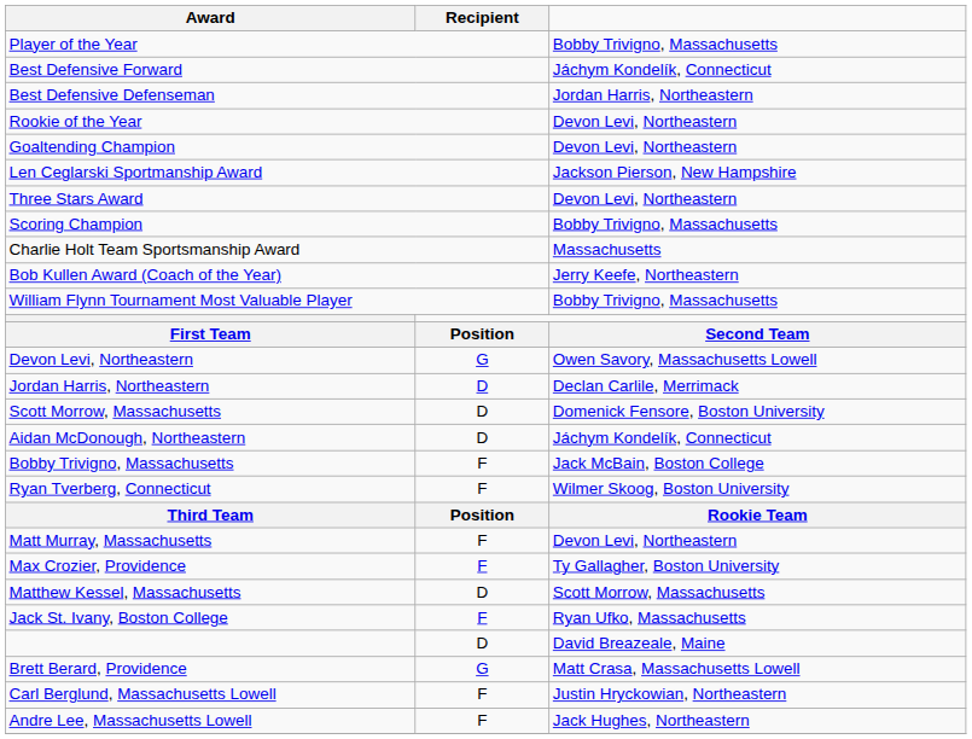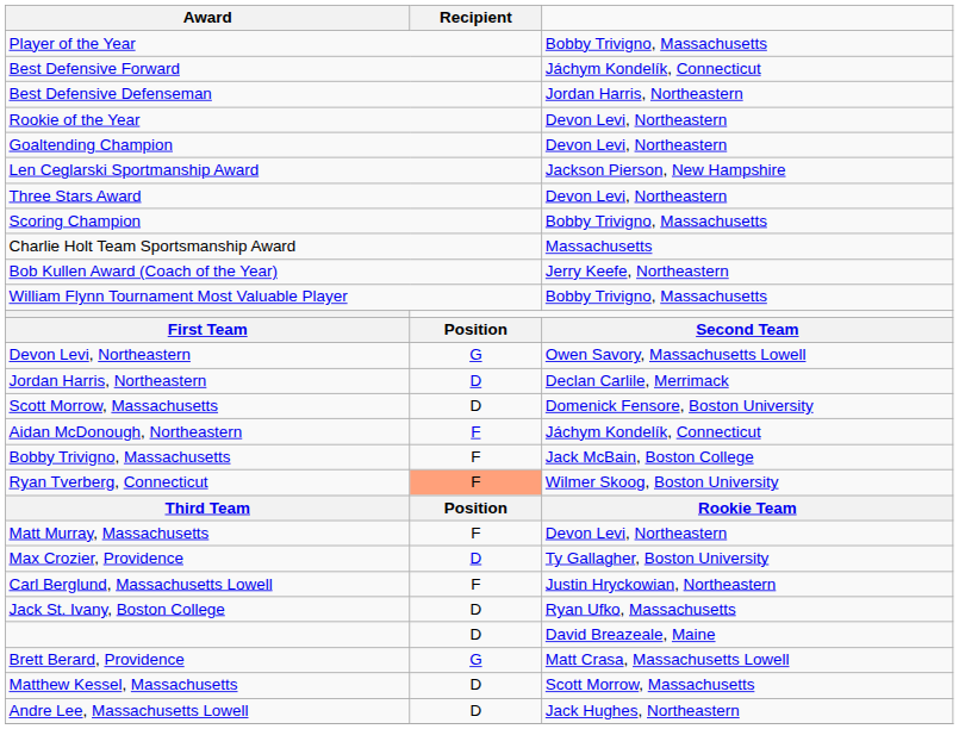 <table class="wikitable" width=75%>
 <tr>
 <th>Award</th>
 <th>Recipient</th>
 </tr>
 <tr>
 <td colspan=2><a href='#'>Player of the Year</a></td>
 <td><a href='#'>Bobby Trivigno</a>, <a href='#'>Massachusetts</a></td>
 </tr>
 <tr>
 <td colspan=2><a href='#'>Best Defensive Forward</a></td>
 <td><a href='#'>Jáchym Kondelík</a>, <a href='#'>Connecticut</a></td>
 </tr>
 <tr>
 <td colspan=2><a href='#'>Best Defensive Defenseman</a></td>
 <td><a href='#'>Jordan Harris</a>, <a href='#'>Northeastern</a></td>
 </tr>
 <tr>
 <td colspan=2><a href='#'>Rookie of the Year</a></td>
 <td><a href='#'>Devon Levi</a>, <a href='#'>Northeastern</a></td>
 </tr>
 <tr>
 <td colspan=2><a href='#'>Goaltending Champion</a></td>
 <td><a href='#'>Devon Levi</a>, <a href='#'>Northeastern</a></td>
 </tr>
 <tr>
 <td colspan=2><a href='#'>Len Ceglarski Sportmanship Award</a></td>
 <td><a href='#'>Jackson Pierson</a>, <a href='#'>New Hampshire</a></td>
 </tr>
 <tr>
 <td colspan=2><a href='#'>Three Stars Award</a></td>
 <td><a href='#'>Devon Levi</a>, <a href='#'>Northeastern</a></td>
 </tr>
 <tr>
 <td colspan=2><a href='#'>Scoring Champion</a></td>
 <td><a href='#'>Bobby Trivigno</a>, <a href='#'>Massachusetts</a></td>
 </tr>
 <tr>
 <td colspan=2>Charlie Holt Team Sportsmanship Award</td>
 <td><a href='#'>Massachusetts</a></td>
 </tr>
 <tr>
 <td colspan=2><a href='#'>Bob Kullen Award (Coach of the Year)</a></td>
 <td><a href='#'>Jerry Keefe</a>, <a href='#'>Northeastern</a></td>
 </tr>
 <tr>
 <td colspan=2><a href='#'>William Flynn Tournament Most Valuable Player</a></td>
 <td><a href='#'>Bobby Trivigno</a>, <a href='#'>Massachusetts</a></td>
 </tr>
 <tr>
 <th><a href='#'></a></th>
 </tr>
 <tr>
 <th><a href='#'>First Team</a></th>
 <th>  Position  </th>
 <th><a href='#'>Second Team</a></th>
 </tr>
 <tr>
 <td><a href='#'>Devon Levi</a>, <a href='#'>Northeastern</a></td>
 <td align=center><a href='#'>G</a></td>
 <td><a href='#'>Owen Savory</a>, <a href='#'>Massachusetts Lowell</a></td>
 </tr>
 <tr>
 <td><a href='#'>Jordan Harris</a>, <a href='#'>Northeastern</a></td>
 <td align=center><a href='#'>D</a></td>
 <td><a href='#'>Declan Carlile</a>, <a href='#'>Merrimack</a></td>
 </tr>
 <tr>
 <td><a href='#'>Scott Morrow</a>, <a href='#'>Massachusetts</a></td>
 <td align=center>D</td>
 <td><a href='#'>Domenick Fensore</a>, <a href='#'>Boston University</a></td>
 </tr>
 <tr>
 <td><a href='#'>Aidan McDonough</a>, <a href='#'>Northeastern</a></td>
-<td align=center>D</td>
+<td align=center><a href='#'>F</a></td>
 <td><a href='#'>Jáchym Kondelík</a>, <a href='#'>Connecticut</a></td>
 </tr>
 <tr>
 <td><a href='#'>Bobby Trivigno</a>, <a href='#'>Massachusetts</a></td>
 <td align=center>F</td>
 <td><a href='#'>Jack McBain</a>, <a href='#'>Boston College</a></td>
 </tr>
 <tr>
 <td><a href='#'>Ryan Tverberg</a>, <a href='#'>Connecticut</a></td>
-<td align=center>F</td>
+<td align=center style="background: lightsalmon;">F</td>
 <td><a href='#'>Wilmer Skoog</a>, <a href='#'>Boston University</a></td>
 </tr>
 <tr>
 <th><a href='#'>Third Team</a></th>
 <th>  Position  </th>
 <th><a href='#'>Rookie Team</a></th>
 </tr>
 <tr>
 <td><a href='#'>Matt Murray</a>, <a href='#'>Massachusetts</a></td>
 <td align=center>F</td>
 <td><a href='#'>Devon Levi</a>, <a href='#'>Northeastern</a></td>
 </tr>
 <tr>
 <td><a href='#'>Max Crozier</a>, <a href='#'>Providence</a></td>
-<td align=center><a href='#'>F</a></td>
+<td align=center><a href='#'>D</a></td>
 <td><a href='#'>Ty Gallagher</a>, <a href='#'>Boston University</a></td>
 </tr>
 <tr>
-<td><a href='#'>Matthew Kessel</a>, <a href='#'>Massachusetts</a></td>
-<td align=center>D</td>
-<td><a href='#'>Scott Morrow</a>, <a href='#'>Massachusetts</a></td>
+<td><a href='#'>Carl Berglund</a>, <a href='#'>Massachusetts Lowell</a></td>
+<td align=center>F</td>
+<td><a href='#'>Justin Hryckowian</a>, <a href='#'>Northeastern</a></td>
 </tr>
 <tr>
 <td><a href='#'>Jack St. Ivany</a>, <a href='#'>Boston College</a></td>
-<td align=center><a href='#'>F</a></td>
+<td align=center>D</td>
 <td><a href='#'>Ryan Ufko</a>, <a href='#'>Massachusetts</a></td>
 </tr>
 <tr>
 <td></td>
 <td align=center>D</td>
 <td><a href='#'>David Breazeale</a>, <a href='#'>Maine</a></td>
 </tr>
 <tr>
 <td><a href='#'>Brett Berard</a>, <a href='#'>Providence</a></td>
 <td align=center><a href='#'>G</a></td>
 <td><a href='#'>Matt Crasa</a>, <a href='#'>Massachusetts Lowell</a></td>
 </tr>
 <tr>
-<td><a href='#'>Carl Berglund</a>, <a href='#'>Massachusetts Lowell</a></td>
-<td align=center>F</td>
-<td><a href='#'>Justin Hryckowian</a>, <a href='#'>Northeastern</a></td>
+<td><a href='#'>Matthew Kessel</a>, <a href='#'>Massachusetts</a></td>
+<td align=center>D</td>
+<td><a href='#'>Scott Morrow</a>, <a href='#'>Massachusetts</a></td>
 </tr>
 <tr>
 <td><a href='#'>Andre Lee</a>, <a href='#'>Massachusetts Lowell</a></td>
-<td align=center>F</td>
+<td align=center>D</td>
 <td><a href='#'>Jack Hughes</a>, <a href='#'>Northeastern</a></td>
 </tr>
 <tr>
 </tr>
 </table>
